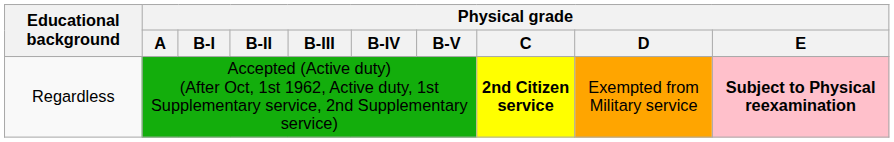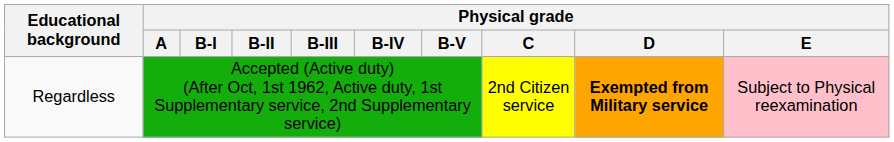 <table class="wikitable">
 <tr>
 <th rowspan="2">Educational background</th>
 <th colspan="9">Physical grade</th>
 </tr>
 <tr>
 <th>A</th>
 <th>B-I</th>
 <th>B-II</th>
 <th>B-III</th>
 <th>B-IV</th>
 <th>B-V</th>
 <th>C</th>
 <th>D</th>
 <th>E</th>
 </tr>
 <tr>
 <td div style="text-align:center">Regardless</td>
 <td colspan="6" div style="background:#13ae0c; text-align:center;">Accepted (Active duty)<br>(After Oct, 1st 1962, Active duty, 1st Supplementary service, 2nd Supplementary service)</td>
-<td div style="background:yellow; text-align:center;"><strong>2nd Citizen service</strong></td>
-<td div style="background:orange; text-align:center;">Exempted from Military service</td>
-<td div style="background:pink; text-align:center;"><strong>Subject to Physical reexamination</strong></td>
+<td div style="background:yellow; text-align:center;">2nd Citizen service</td>
+<td div style="background:orange; text-align:center;"><strong>Exempted from Military service</strong></td>
+<td div style="background:pink; text-align:center;">Subject to Physical reexamination</td>
 </tr>
 </table>
